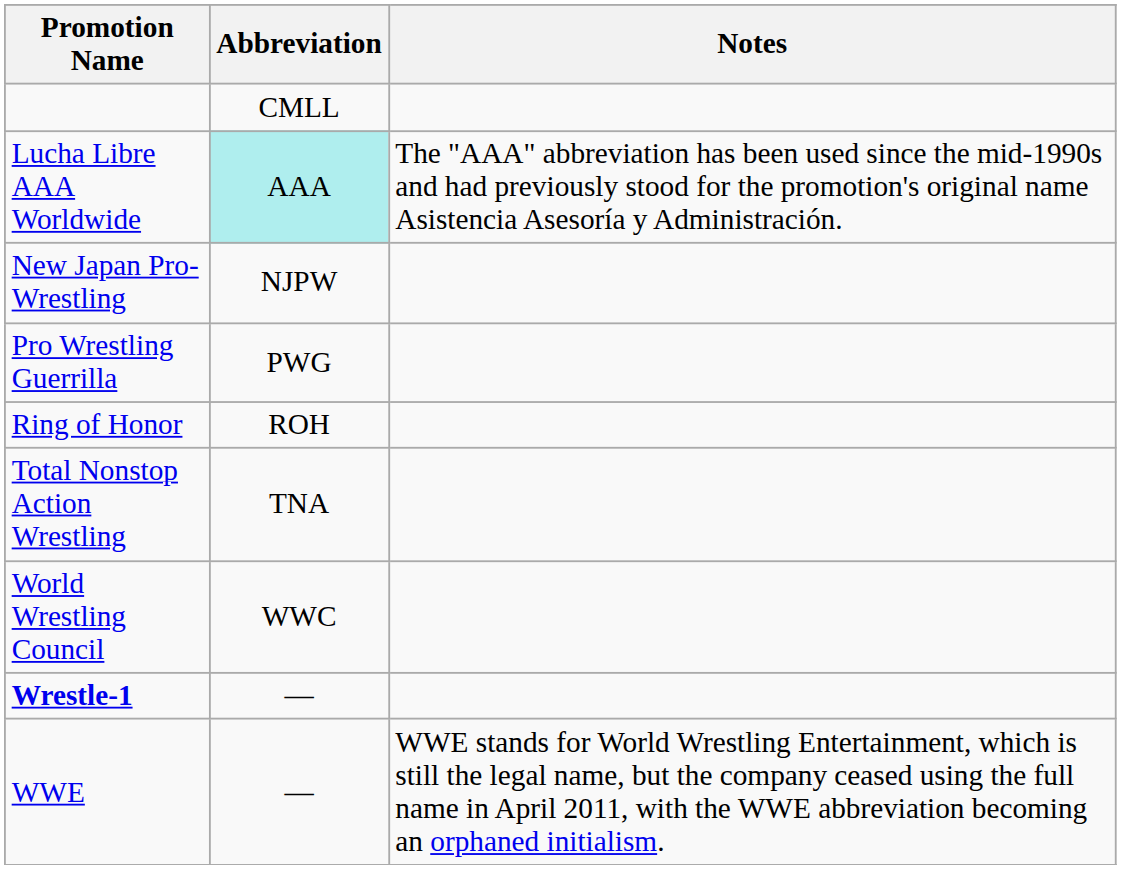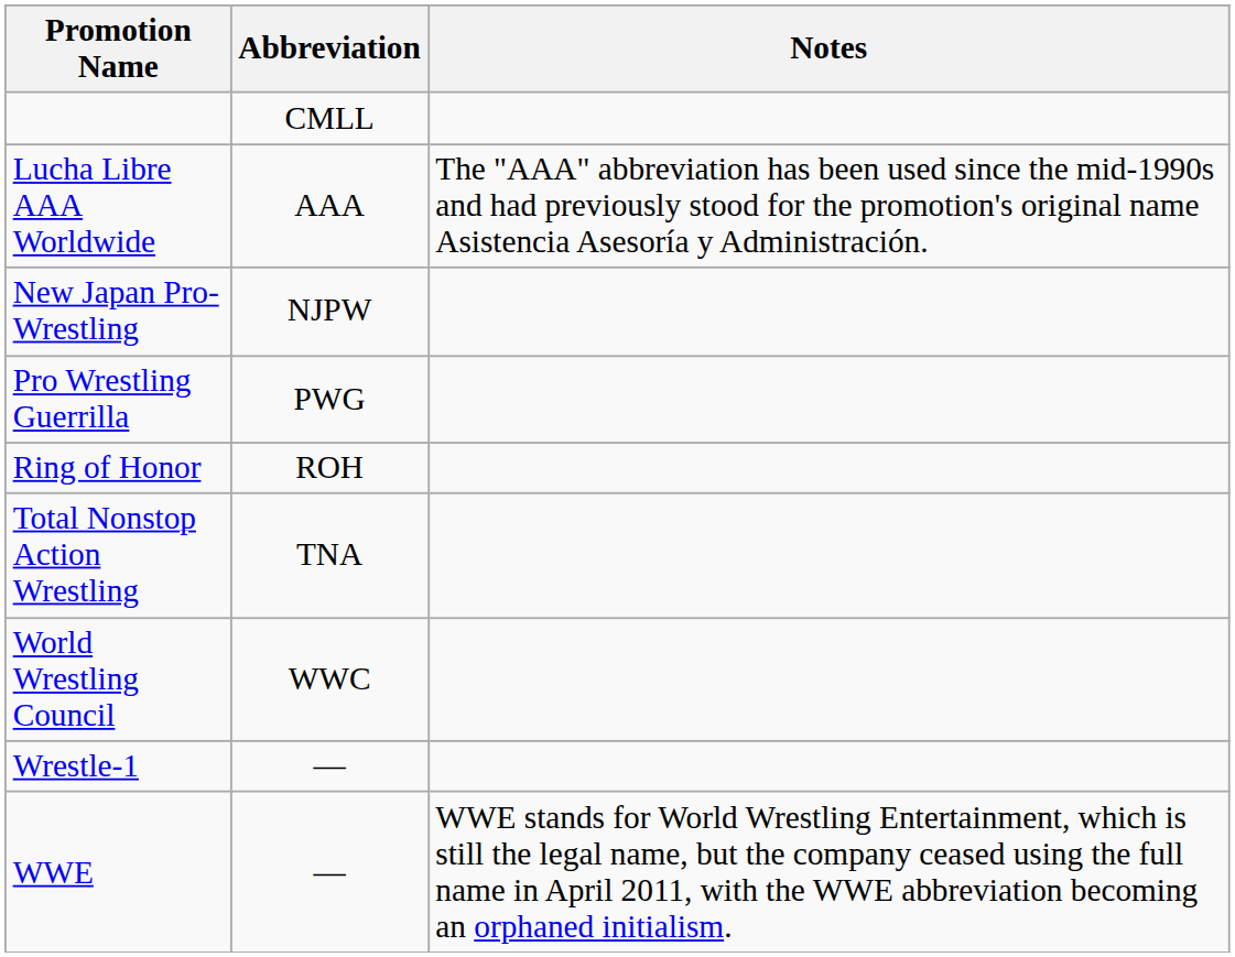 <table class="wikitable">
 <tr>
 <th>Promotion Name</th>
 <th>Abbreviation</th>
 <th>Notes</th>
 </tr>
 <tr>
 <td></td>
 <td align=center>CMLL</td>
 <td></td>
 </tr>
 <tr>
 <td><a href='#'>Lucha Libre AAA Worldwide</a></td>
-<td align=center style="background: paleturquoise;">AAA</td>
+<td align=center>AAA</td>
 <td>The "AAA" abbreviation has been used since the mid-1990s and had previously stood for the promotion's original name Asistencia Asesoría y Administración.</td>
 </tr>
 <tr>
 <td><a href='#'>New Japan Pro-Wrestling</a></td>
 <td align=center>NJPW</td>
 <td></td>
 </tr>
 <tr>
 <td><a href='#'>Pro Wrestling Guerrilla</a></td>
 <td align=center>PWG</td>
 <td></td>
 </tr>
 <tr>
 <td><a href='#'>Ring of Honor</a></td>
 <td align=center>ROH</td>
 <td></td>
 </tr>
 <tr>
 <td><a href='#'>Total Nonstop Action Wrestling</a></td>
 <td align=center>TNA</td>
 <td></td>
 </tr>
 <tr>
 <td><a href='#'>World Wrestling Council</a></td>
 <td align=center>WWC</td>
 <td></td>
 </tr>
 <tr>
-<td><strong><a href='#'>Wrestle-1</a></strong></td>
+<td><a href='#'>Wrestle-1</a></td>
 <td align=center>—</td>
 <td></td>
 </tr>
 <tr>
 <td><a href='#'>WWE</a></td>
 <td align=center>—</td>
 <td>WWE stands for World Wrestling Entertainment, which is still the legal name, but the company ceased using the full name in April 2011, with the WWE abbreviation becoming an <a href='#'>orphaned initialism</a>.<br></td>
 </tr>
 <tr>
 </tr>
 </table>
